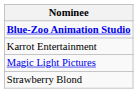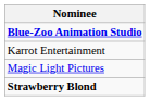 <table class="wikitable">
 <tr>
 <th>Nominee</th>
 </tr>
 <tr>
 <td><strong><a href='#'>Blue-Zoo Animation Studio</a></strong></td>
 </tr>
 <tr>
 <td>Karrot Entertainment</td>
 </tr>
 <tr>
 <td><a href='#'>Magic Light Pictures</a></td>
 </tr>
 <tr>
-<td>Strawberry Blond</td>
+<td><strong>Strawberry Blond</strong></td>
 </tr>
 </table>
